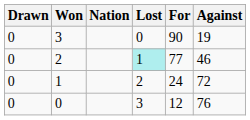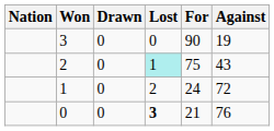 <table class="wikitable">
 <tr>
+<th>Nation</th>
+<th>Won</th>
 <th>Drawn</th>
-<th>Won</th>
-<th>Nation</th>
 <th>Lost</th>
 <th>For</th>
 <th>Against</th>
 </tr>
 <tr>
+<td></td>
+<td>3</td>
 <td>0</td>
-<td>3</td>
-<td></td>
 <td>0</td>
 <td>90</td>
 <td>19</td>
 </tr>
 <tr>
+<td></td>
+<td>2</td>
 <td>0</td>
-<td>2</td>
-<td></td>
 <td style="background: paleturquoise;">1</td>
-<td>77</td>
-<td>46</td>
+<td>75</td>
+<td>43</td>
 </tr>
 <tr>
+<td></td>
+<td>1</td>
 <td>0</td>
-<td>1</td>
-<td></td>
 <td>2</td>
 <td>24</td>
 <td>72</td>
 </tr>
 <tr>
+<td></td>
 <td>0</td>
 <td>0</td>
-<td></td>
-<td>3</td>
-<td>12</td>
+<td><strong>3</strong></td>
+<td>21</td>
 <td>76</td>
 </tr>
 </table>
